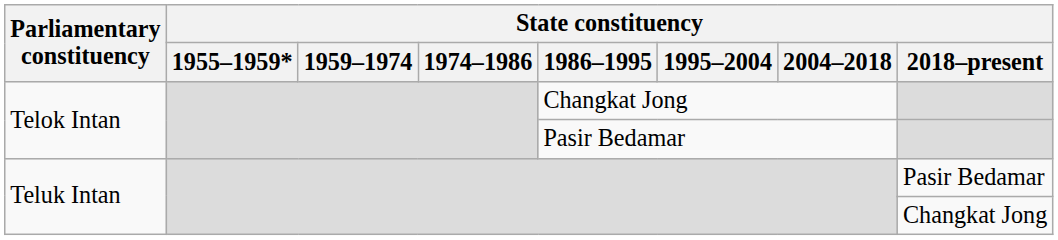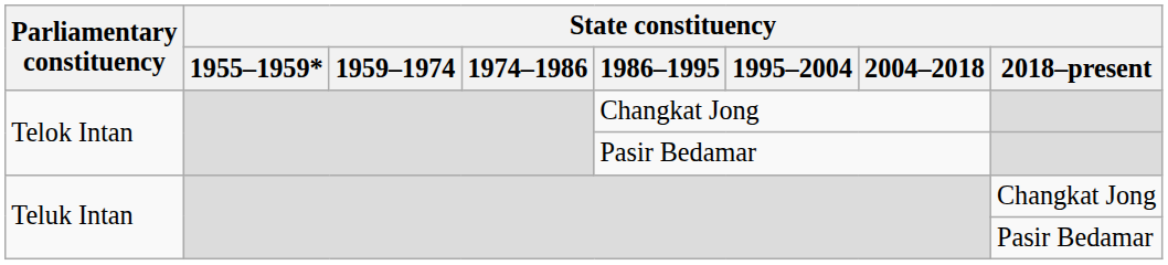 <table class="wikitable">
 <tr>
 <th rowspan="2">Parliamentary<br>constituency</th>
 <th colspan="7">State constituency</th>
 </tr>
 <tr>
 <th>1955–1959*</th>
 <th>1959–1974</th>
 <th>1974–1986</th>
 <th>1986–1995</th>
 <th>1995–2004</th>
 <th>2004–2018</th>
 <th>2018–present</th>
 </tr>
 <tr>
 <td rowspan="2">Telok Intan</td>
 <td colspan="3" rowspan="2" bgcolor="dcdcdc"></td>
 <td colspan="3">Changkat Jong</td>
 <td bgcolor="dcdcdc"></td>
 </tr>
 <tr>
 <td colspan="3">Pasir Bedamar</td>
 <td bgcolor="dcdcdc"></td>
 </tr>
 <tr>
 <td rowspan="2">Teluk Intan</td>
 <td colspan="6" rowspan="2" bgcolor="dcdcdc"></td>
+<td>Changkat Jong</td>
+</tr>
+<tr>
 <td>Pasir Bedamar</td>
 </tr>
-<tr>
-<td>Changkat Jong</td>
-</tr>
 </table>
